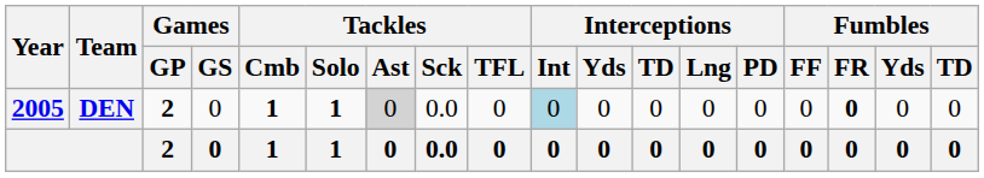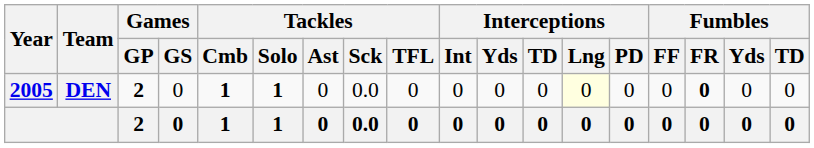 <table class="wikitable" style="text-align:center">
 <tr>
 <th rowspan="2">Year</th>
 <th rowspan="2">Team</th>
 <th colspan="2">Games</th>
 <th colspan="5">Tackles</th>
 <th colspan="5">Interceptions</th>
 <th colspan="4">Fumbles</th>
 </tr>
 <tr>
 <th>GP</th>
 <th>GS</th>
 <th>Cmb</th>
 <th>Solo</th>
 <th>Ast</th>
 <th>Sck</th>
 <th>TFL</th>
 <th>Int</th>
 <th>Yds</th>
 <th>TD</th>
 <th>Lng</th>
 <th>PD</th>
 <th>FF</th>
 <th>FR</th>
 <th>Yds</th>
 <th>TD</th>
 </tr>
 <tr>
 <th><a href='#'>2005</a></th>
 <th><a href='#'>DEN</a></th>
 <td><strong>2</strong></td>
 <td>0</td>
 <td><strong>1</strong></td>
 <td><strong>1</strong></td>
-<td style="background: lightgrey;">0</td>
+<td>0</td>
 <td>0.0</td>
-<td>0</td>
-<td style="background: lightblue;">0</td>
 <td>0</td>
 <td>0</td>
 <td>0</td>
+<td>0</td>
+<td style="background: lightyellow;">0</td>
 <td>0</td>
 <td>0</td>
 <td><strong>0</strong></td>
 <td>0</td>
 <td>0</td>
 </tr>
 <tr>
 <th colspan="2"></th>
 <th>2</th>
 <th>0</th>
 <th>1</th>
 <th>1</th>
 <th>0</th>
 <th>0.0</th>
 <th>0</th>
 <th>0</th>
 <th>0</th>
 <th>0</th>
 <th>0</th>
 <th>0</th>
 <th>0</th>
 <th>0</th>
 <th>0</th>
 <th>0</th>
 </tr>
 </table>
